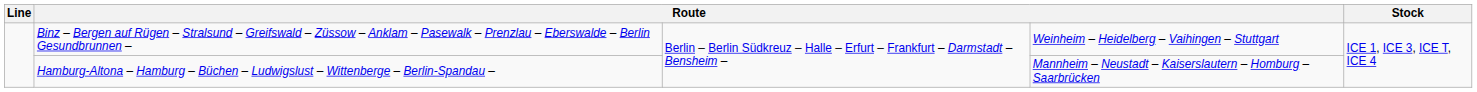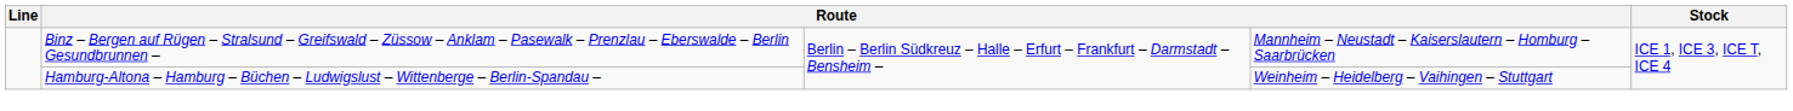 <table class="wikitable" width="100%">
 <tr class="hintergrundfarbe5">
 <th>Line</th>
 <th colspan="3">Route</th>
 <th>Stock</th>
 </tr>
 <tr>
 <td rowspan=2></td>
 <td><em><a href='#'>Binz</a> – <a href='#'>Bergen auf Rügen</a> – <a href='#'>Stralsund</a> – <a href='#'>Greifswald</a> – <a href='#'>Züssow</a> – <a href='#'>Anklam</a> – <a href='#'>Pasewalk</a> – <a href='#'>Prenzlau</a> – <a href='#'>Eberswalde</a> – <a href='#'>Berlin Gesundbrunnen</a> –</em></td>
 <td rowspan=2><a href='#'>Berlin</a> – <a href='#'>Berlin Südkreuz</a> – <a href='#'>Halle</a> – <a href='#'>Erfurt</a> – <a href='#'>Frankfurt</a> <em>– <a href='#'>Darmstadt</a> – <a href='#'>Bensheim</a> –</em></td>
-<td><em> <a href='#'>Weinheim</a> – <a href='#'>Heidelberg</a> – <a href='#'>Vaihingen</a> – <a href='#'>Stuttgart</a></em></td>
+<td><em><a href='#'>Mannheim</a> – <a href='#'>Neustadt</a> – <a href='#'>Kaiserslautern</a> – <a href='#'>Homburg</a> – <a href='#'>Saarbrücken</a></em></td>
 <td rowspan=2><a href='#'>ICE 1</a>, <a href='#'>ICE 3</a>, <a href='#'>ICE T</a>, <a href='#'>ICE 4</a></td>
 </tr>
 <tr>
 <td><em><a href='#'>Hamburg-Altona</a> – <a href='#'>Hamburg</a> – <a href='#'>Büchen</a> – <a href='#'>Ludwigslust</a> – <a href='#'>Wittenberge</a> – <a href='#'>Berlin-Spandau</a> –</em></td>
-<td><em><a href='#'>Mannheim</a> – <a href='#'>Neustadt</a> – <a href='#'>Kaiserslautern</a> – <a href='#'>Homburg</a> – <a href='#'>Saarbrücken</a></em></td>
+<td><em> <a href='#'>Weinheim</a> – <a href='#'>Heidelberg</a> – <a href='#'>Vaihingen</a> – <a href='#'>Stuttgart</a></em></td>
 </tr>
 </table>
